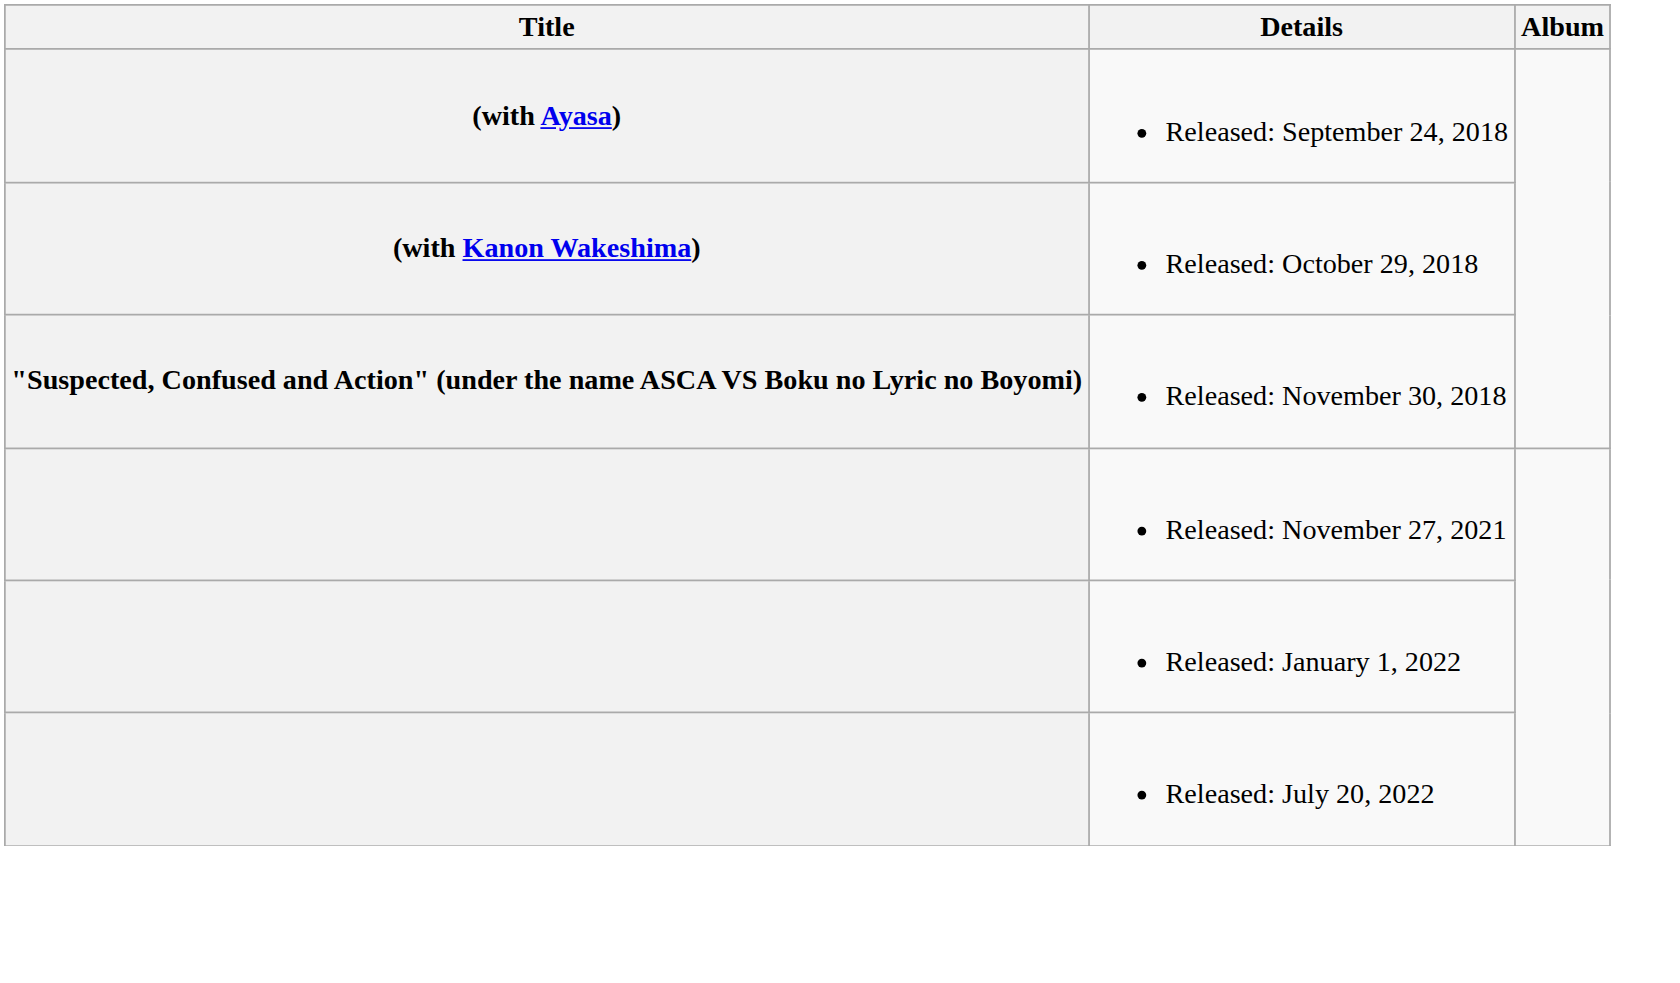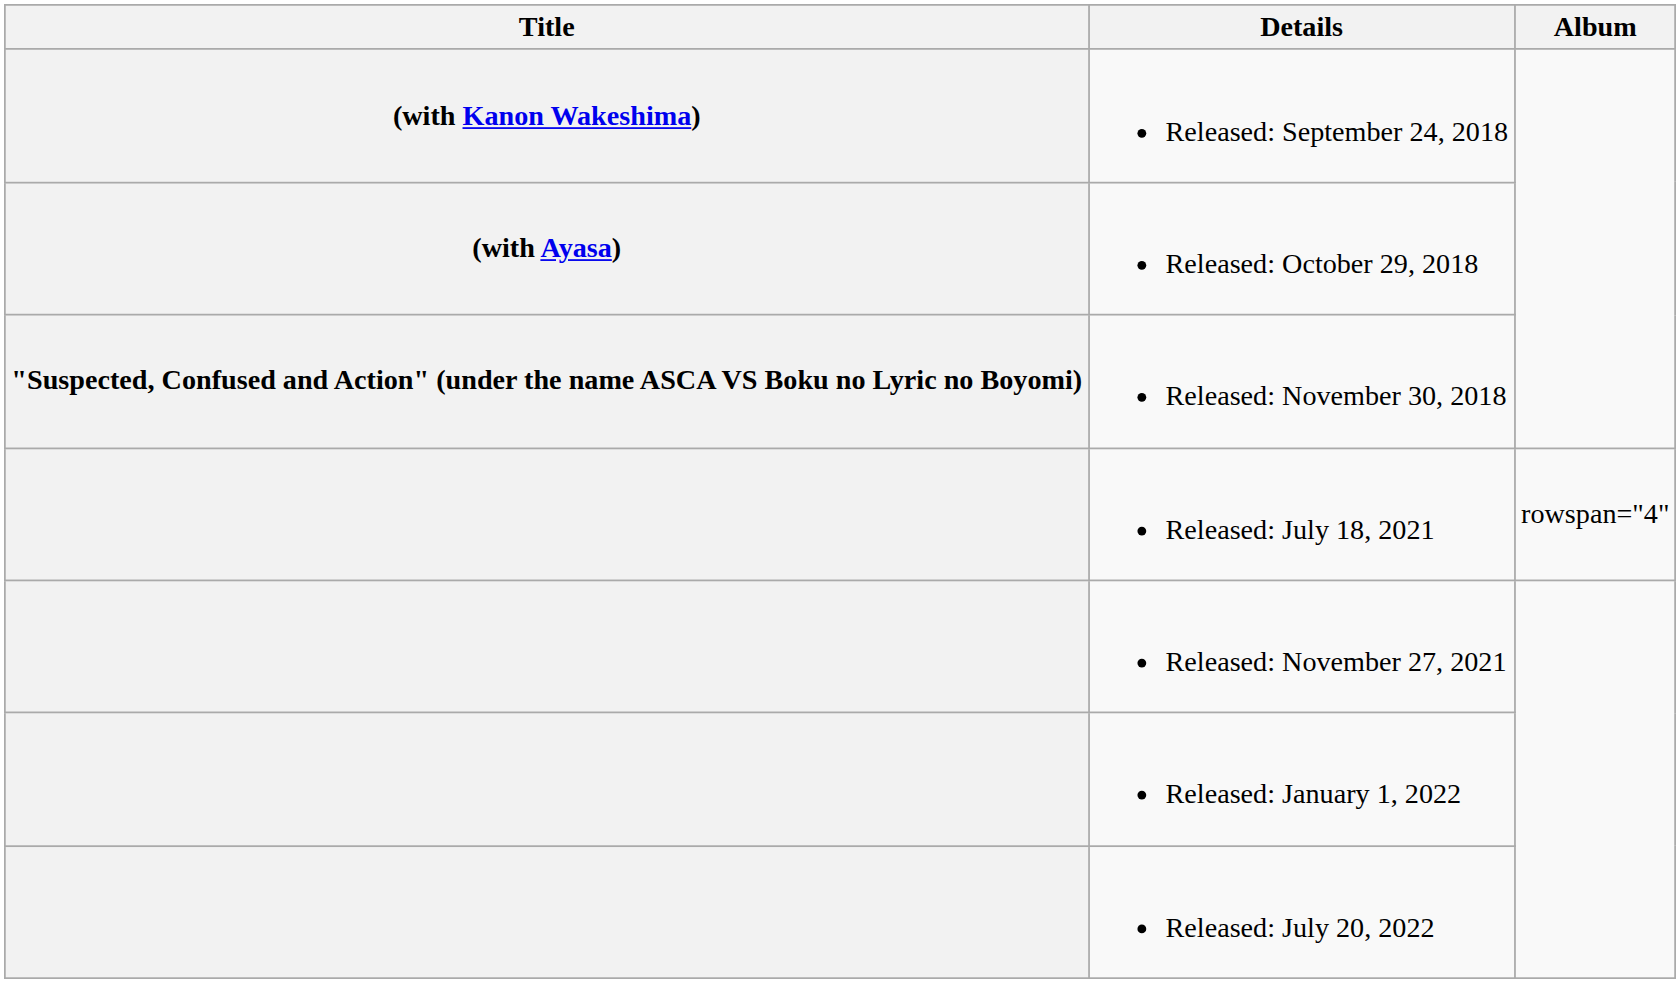 <table class="wikitable plainrowheaders">
 <tr>
 <th scope="col">Title</th>
 <th scope="col">Details</th>
 <th scope="col">Album</th>
 </tr>
 <tr>
-<th scope="row"> (with <a href='#'>Ayasa</a>)</th>
+<th scope="row"> (with <a href='#'>Kanon Wakeshima</a>)</th>
 <td><br><ul><li>Released: September 24, 2018</li></ul></td>
 <td rowspan="3"></td>
 </tr>
 <tr>
-<th scope="row"> (with <a href='#'>Kanon Wakeshima</a>)</th>
+<th scope="row"> (with <a href='#'>Ayasa</a>)</th>
 <td><br><ul><li>Released: October 29, 2018</li></ul></td>
 </tr>
 <tr>
 <th scope="row">"Suspected, Confused and Action" (under the name ASCA VS Boku no Lyric no Boyomi)</th>
 <td><br><ul><li>Released: November 30, 2018</li></ul></td>
+</tr>
+<tr>
+<th scope="row"></th>
+<td><br><ul><li>Released: July 18, 2021</li></ul></td>
+<td>rowspan="4" </td>
 </tr>
 <tr>
 <th scope="row"></th>
 <td><br><ul><li>Released: November 27, 2021</li></ul></td>
 </tr>
 <tr>
 <th scope="row"></th>
 <td><br><ul><li>Released: January 1, 2022</li></ul></td>
 </tr>
 <tr>
 <th scope="row"></th>
 <td><br><ul><li>Released: July 20, 2022</li></ul></td>
 </tr>
 </table>
